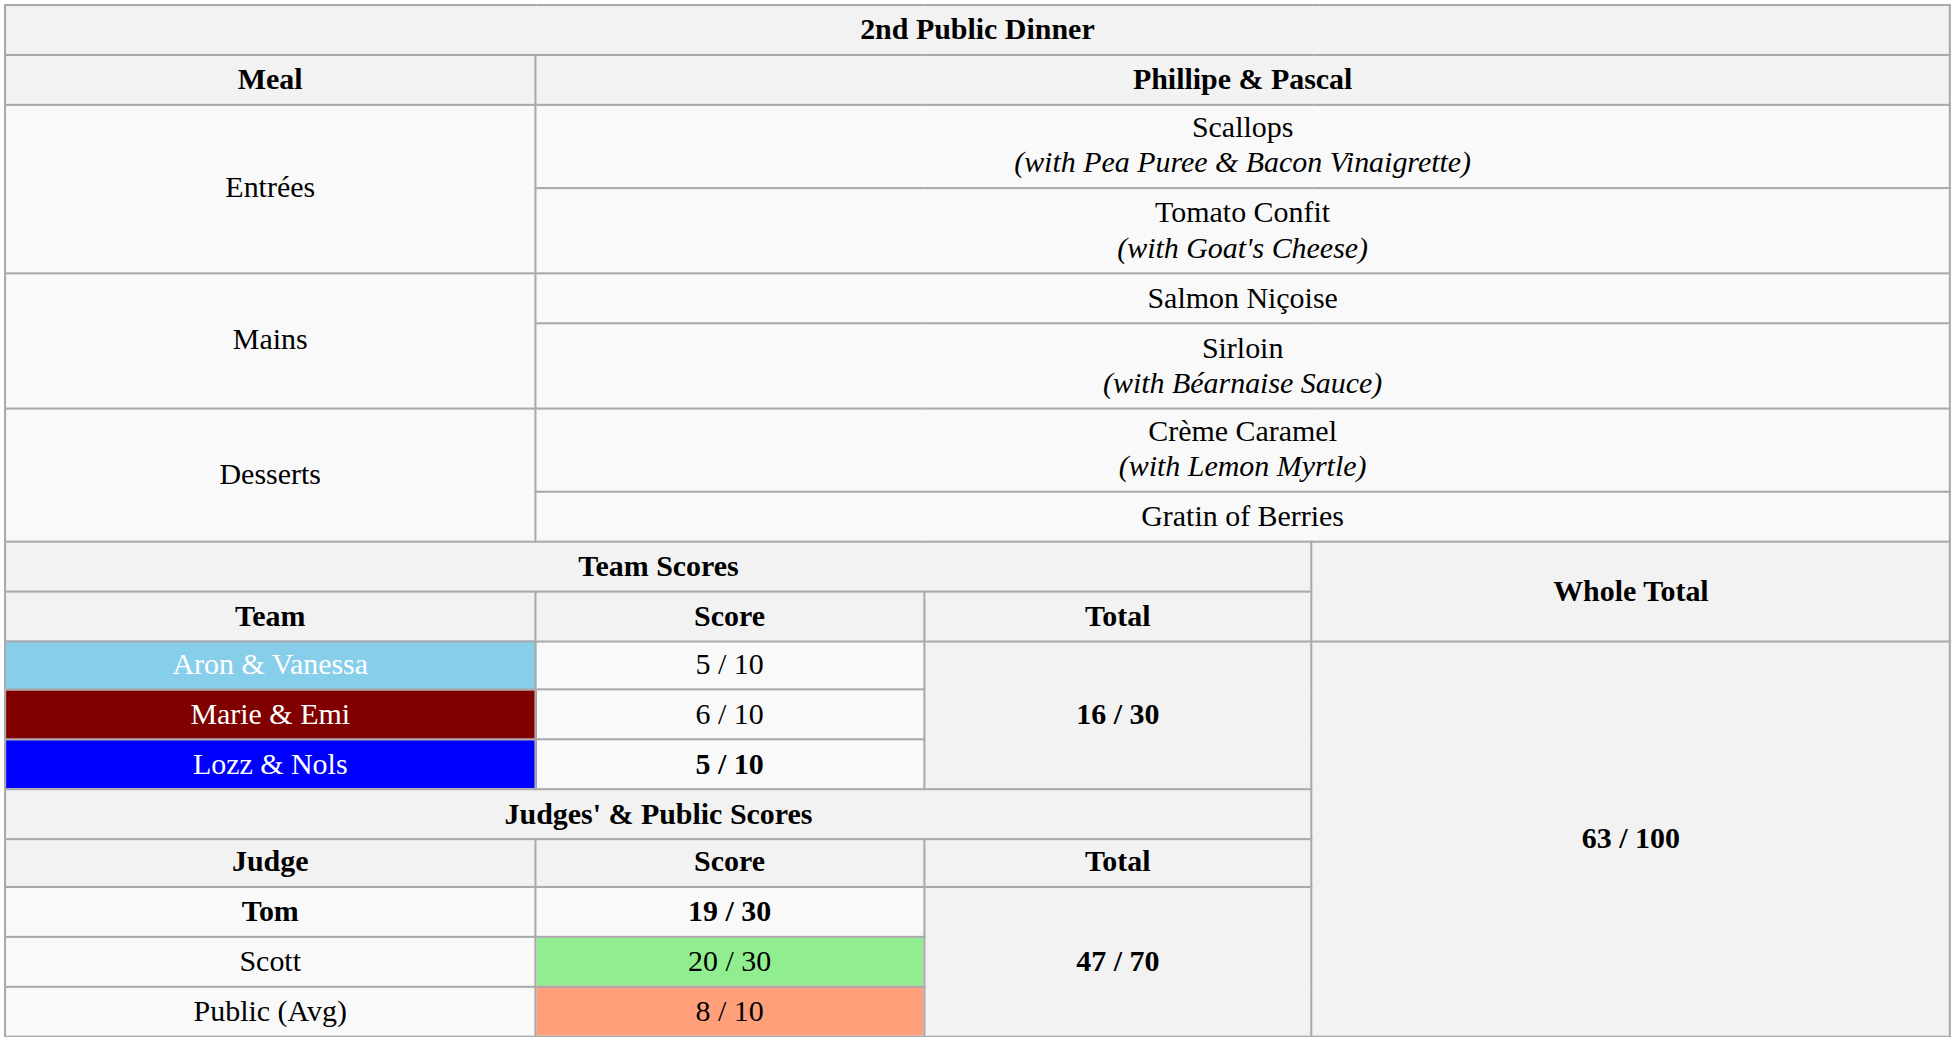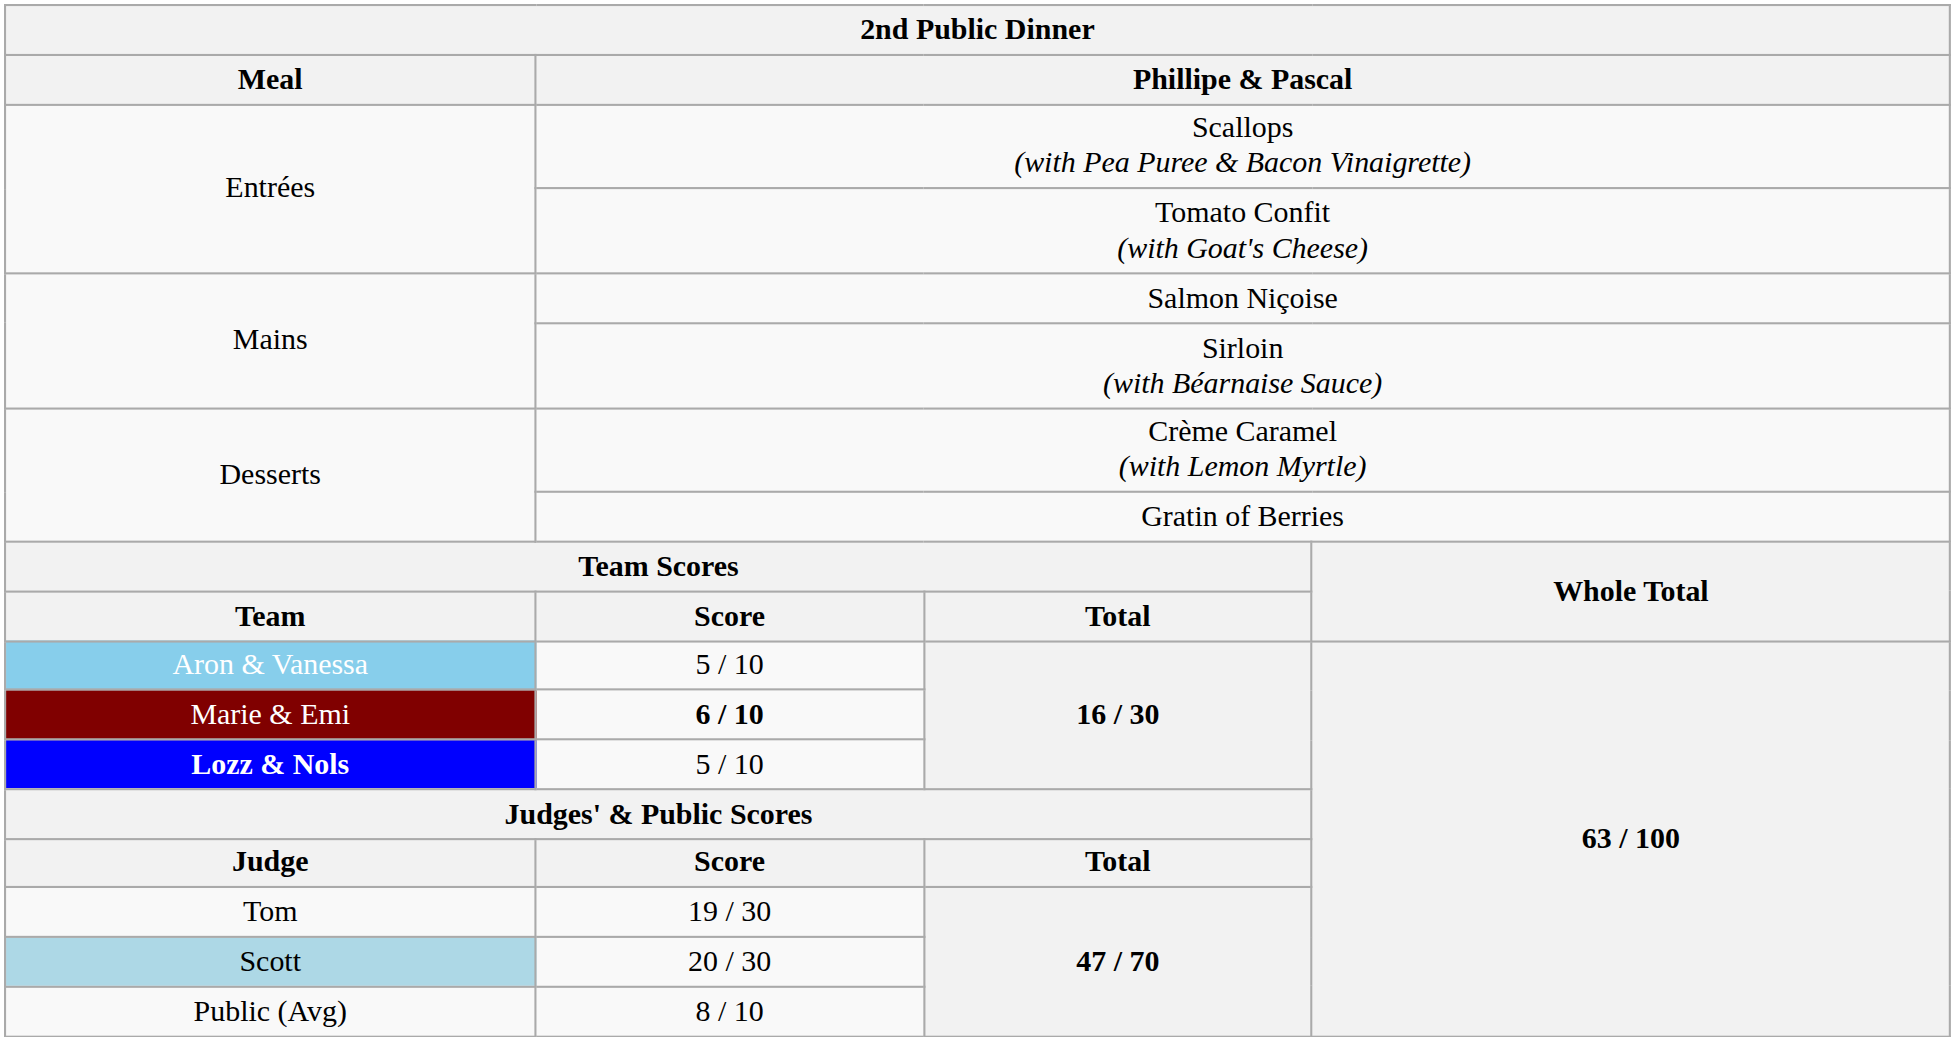 <table class="wikitable plainrowheaders" style="text-align:center; font-size:90%; width:65em;">
 <tr>
 <th colspan="4" >2nd Public Dinner</th>
 </tr>
 <tr>
 <th style="width:15%;">Meal</th>
 <th colspan="3" style="width:40%;">Phillipe & Pascal</th>
 </tr>
 <tr>
 <td rowspan="2">Entrées</td>
 <td colspan="3">Scallops<br><em>(with Pea Puree & Bacon Vinaigrette)</em></td>
 </tr>
 <tr>
 <td colspan="3">Tomato Confit<br><em>(with Goat's Cheese)</em></td>
 </tr>
 <tr>
 <td rowspan="2">Mains</td>
 <td colspan="3">Salmon Niçoise</td>
 </tr>
 <tr>
 <td colspan="3">Sirloin<br><em>(with Béarnaise Sauce)</em></td>
 </tr>
 <tr>
 <td rowspan="2">Desserts</td>
 <td colspan="3">Crème Caramel<br><em>(with Lemon Myrtle)</em></td>
 </tr>
 <tr>
 <td colspan="3">Gratin of Berries</td>
 </tr>
 <tr>
 <th colspan="3" >Team Scores</th>
 <th rowspan="2">Whole Total</th>
 </tr>
 <tr>
 <th>Team</th>
 <th>Score</th>
 <th>Total</th>
 </tr>
 <tr>
 <td style="background:skyblue; color:white;">Aron & Vanessa</td>
 <td>5 / 10</td>
 <th rowspan="3">16 / 30</th>
 <th rowspan="10">63 / 100</th>
 </tr>
 <tr>
 <td style="background:maroon; color:white;">Marie & Emi</td>
-<td>6 / 10</td>
+<td><strong>6 / 10</strong></td>
 </tr>
 <tr>
-<td style="background:blue; color:white;">Lozz & Nols</td>
-<td><strong>5 / 10</strong></td>
+<td style="background:blue; color:white;"><strong>Lozz & Nols</strong></td>
+<td>5 / 10</td>
 </tr>
 <tr>
 <th colspan="3" >Judges' & Public Scores</th>
 </tr>
 <tr>
 <th>Judge</th>
 <th>Score</th>
 <th>Total</th>
 </tr>
 <tr>
-<td><strong>Tom</strong></td>
-<td><strong>19 / 30</strong></td>
+<td>Tom</td>
+<td>19 / 30</td>
 <th rowspan="3">47 / 70</th>
 </tr>
 <tr>
-<td>Scott</td>
-<td style="background: lightgreen;">20 / 30</td>
+<td style="background: lightblue;">Scott</td>
+<td>20 / 30</td>
 </tr>
 <tr>
 <td>Public (Avg)</td>
-<td style="background: lightsalmon;">8 / 10</td>
+<td>8 / 10</td>
 </tr>
 </table>
